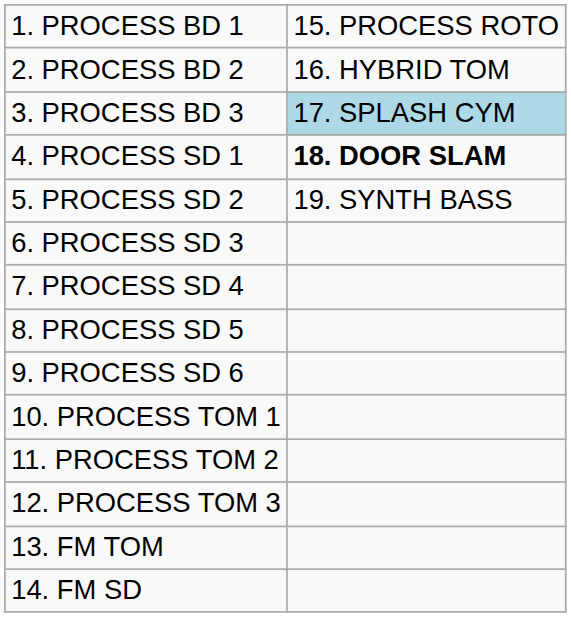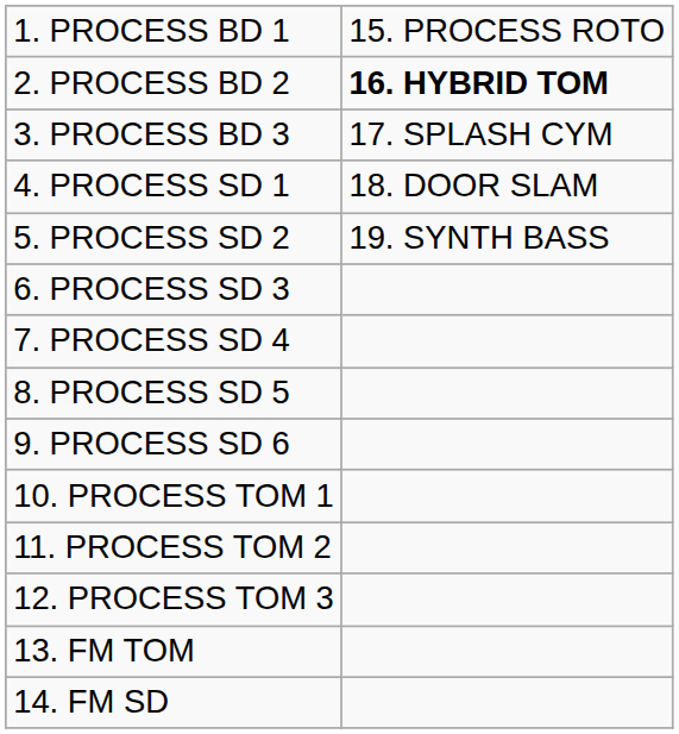 <table class="wikitable">
 <tr>
 <td>1. PROCESS BD 1</td>
 <td>15. PROCESS ROTO</td>
 </tr>
 <tr>
 <td>2. PROCESS BD 2</td>
-<td>16. HYBRID TOM</td>
+<td><strong>16. HYBRID TOM</strong></td>
 </tr>
 <tr>
 <td>3. PROCESS BD 3</td>
-<td style="background: lightblue;">17. SPLASH CYM</td>
+<td>17. SPLASH CYM</td>
 </tr>
 <tr>
 <td>4. PROCESS SD 1</td>
-<td><strong>18. DOOR SLAM</strong></td>
+<td>18. DOOR SLAM</td>
 </tr>
 <tr>
 <td>5. PROCESS SD 2</td>
 <td>19. SYNTH BASS</td>
 </tr>
 <tr>
 <td>6. PROCESS SD 3</td>
 <td></td>
 </tr>
 <tr>
 <td>7. PROCESS SD 4</td>
 <td></td>
 </tr>
 <tr>
 <td>8. PROCESS SD 5</td>
 <td></td>
 </tr>
 <tr>
 <td>9. PROCESS SD 6</td>
 <td></td>
 </tr>
 <tr>
 <td>10. PROCESS TOM 1</td>
 <td></td>
 </tr>
 <tr>
 <td>11. PROCESS TOM 2</td>
 <td></td>
 </tr>
 <tr>
 <td>12. PROCESS TOM 3</td>
 <td></td>
 </tr>
 <tr>
 <td>13. FM TOM</td>
 <td></td>
 </tr>
 <tr>
 <td>14. FM SD</td>
 <td></td>
 </tr>
 </table>
